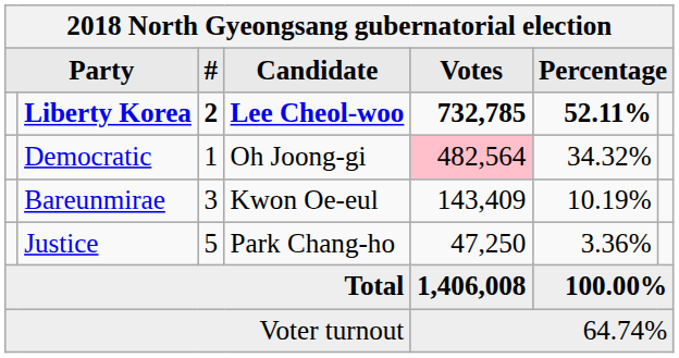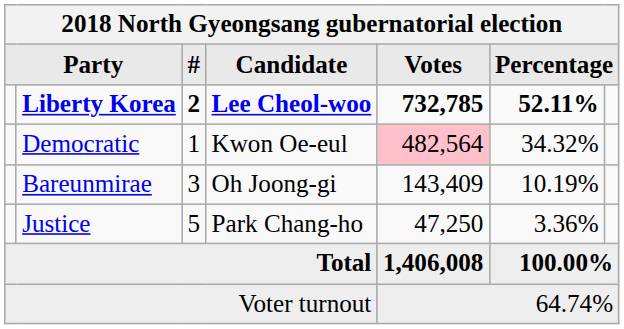 <table class="wikitable">
 <tr>
 <th colspan="7">2018 North Gyeongsang gubernatorial election</th>
 </tr>
 <tr>
 <th style="background-color:#E9E9E9" colspan=2>Party</th>
 <th style="background-color:#E9E9E9">#</th>
 <th style="background-color:#E9E9E9">Candidate</th>
 <th style="background-color:#E9E9E9">Votes</th>
 <th style="background-color:#E9E9E9" colspan=2>Percentage</th>
 </tr>
 <tr style="font-weight:bold">
 <td></td>
 <td align=left><a href='#'>Liberty Korea</a></td>
 <td align=center>2</td>
 <td align=left><a href='#'>Lee Cheol-woo</a></td>
 <td align=right>732,785</td>
 <td align=right>52.11%</td>
 <td align=right></td>
 </tr>
 <tr>
 <td></td>
 <td align=left><a href='#'>Democratic</a></td>
 <td align=center>1</td>
-<td align=left>Oh Joong-gi</td>
+<td align=left>Kwon Oe-eul</td>
 <td align=right style="background: pink;">482,564</td>
 <td align=right>34.32%</td>
 <td align=right></td>
 </tr>
 <tr>
 <td></td>
 <td align=left><a href='#'>Bareunmirae</a></td>
 <td align=center>3</td>
-<td align=left>Kwon Oe-eul</td>
+<td align=left>Oh Joong-gi</td>
 <td align=right>143,409</td>
 <td align=right>10.19%</td>
 <td align=right></td>
 </tr>
 <tr>
 <td></td>
 <td align=left><a href='#'>Justice</a></td>
 <td align=center>5</td>
 <td align=left>Park Chang-ho</td>
 <td align=right>47,250</td>
 <td align=right>3.36%</td>
 <td align=right></td>
 </tr>
 <tr bgcolor="#EEEEEE" style="font-weight:bold">
 <td colspan="4" align=right>Total</td>
 <td align=right>1,406,008</td>
 <td align=right colspan=2>100.00%</td>
 </tr>
 <tr bgcolor="#EEEEEE">
 <td colspan="4" align="right">Voter turnout</td>
 <td colspan="3" align="right">64.74%</td>
 </tr>
 </table>
